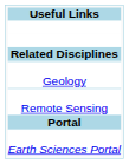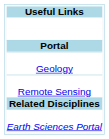 <table class="infobox" style="width: auto; border:1px solid #ADD8E6;" cellspacing=0 cellpadding=0>
 <tr>
 <td style="text-align: center; font-weight: bold; background:#ADD8E6; border-bottom:1px solid ##ADD8E6;">Useful Links</td>
 </tr>
 <tr>
 <td style="text-align: center; background:white; padding-left: 0; padding-right: 0.75em;"><br></td>
 </tr>
 <tr>
 <td style="text-align: center; background:white; padding-left: 0; padding-right: 0.75em;"><br></td>
 </tr>
 <tr>
-<td style="text-align: center; font-weight: bold; border-top:1px solid #ADD8E6; background:#ADD8E6;">Related Disciplines</td>
+<td style="text-align: center; font-weight: bold; border-top:1px solid #ADD8E6; background:#ADD8E6;">Portal</td>
 </tr>
 <tr>
 <td style="text-align: center; border-top:1px solid #ADD8E6; background:white"><br><a href='#'>Geology</a></td>
 </tr>
 <tr>
 <td style="text-align: center; border-top:1px solid #ADD8E6; background:white"><br><a href='#'>Remote Sensing</a></td>
 </tr>
 <tr>
-<td style="text-align: center; font-weight: bold; border-top:1px solid #ADD8E6; background:#ADD8E6;">Portal</td>
+<td style="text-align: center; font-weight: bold; border-top:1px solid #ADD8E6; background:#ADD8E6;">Related Disciplines</td>
 </tr>
 <tr>
 <td style="text-align: center; border-top:1px solid #ADD8E6; background:white"><br><em><a href='#'>Earth Sciences Portal</a></em></td>
 </tr>
 </table>
